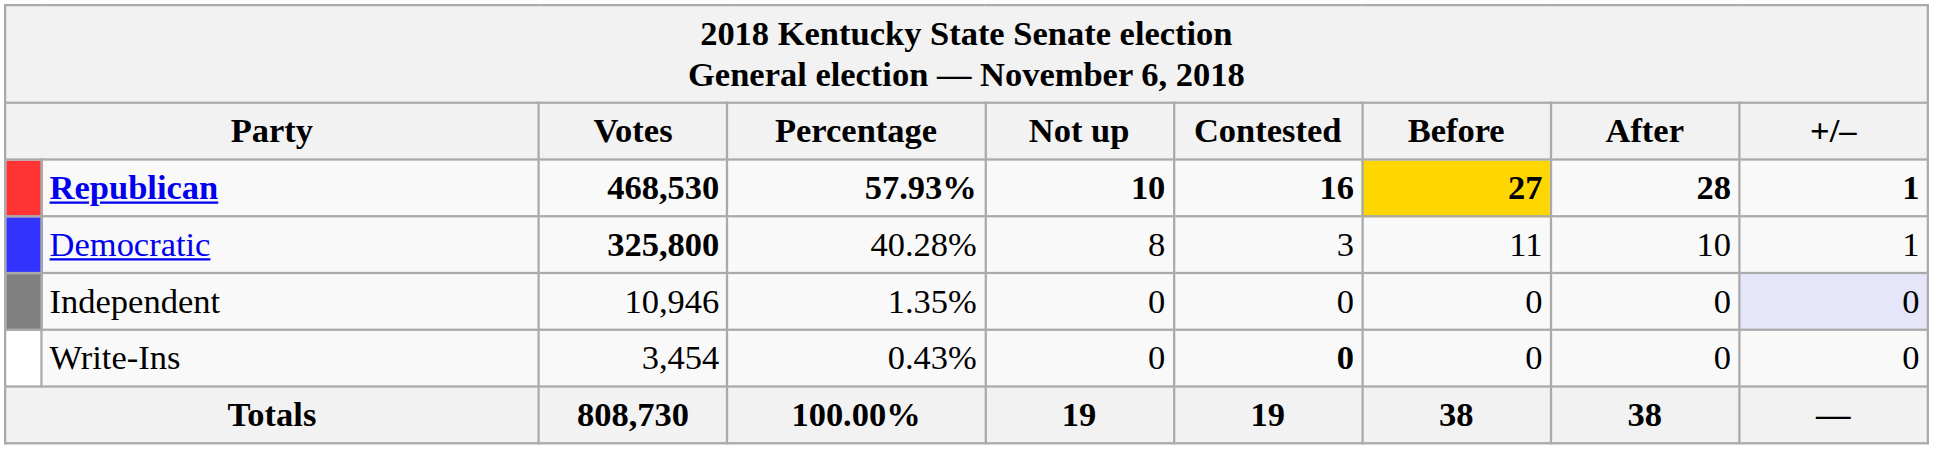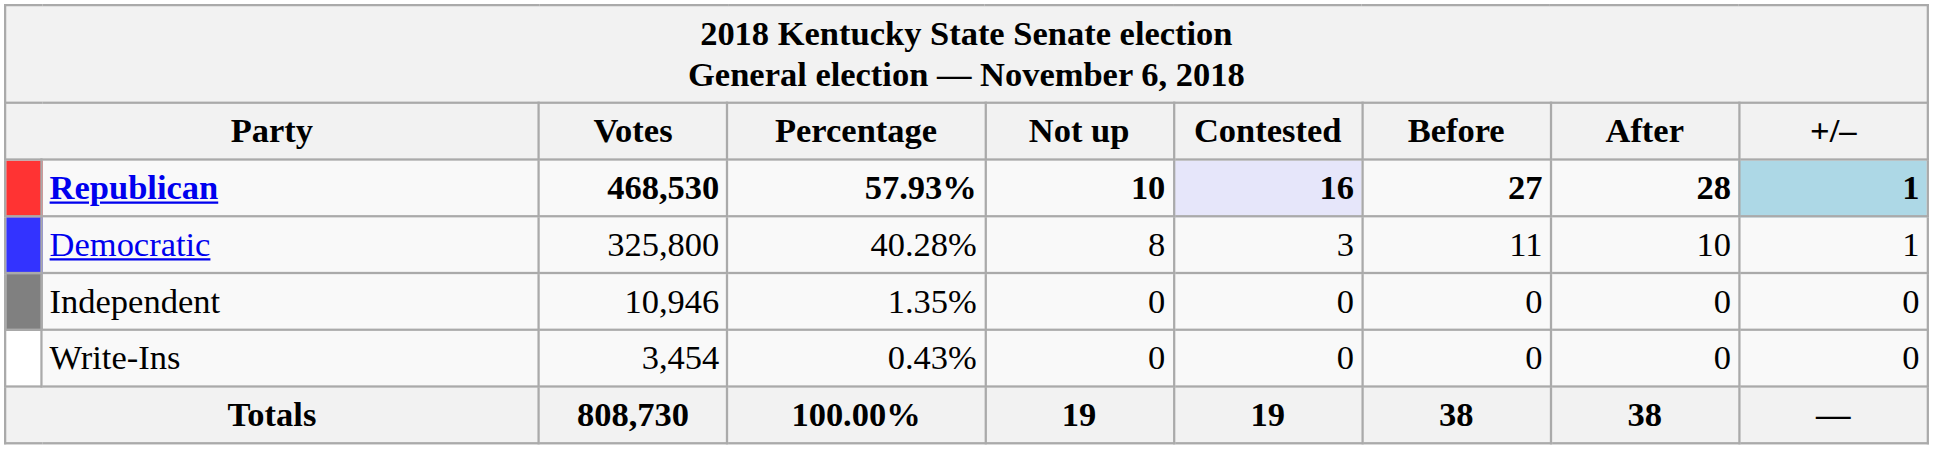 <table class="wikitable" style="font-size:95%;">
 <tr>
 <th colspan="9">2018 Kentucky State Senate election<br>General election — November 6, 2018</th>
 </tr>
 <tr>
 <th colspan=2 style="width: 15em">Party</th>
 <th style="width: 5em">Votes</th>
 <th style="width: 7em">Percentage</th>
 <th style="width: 5em">Not up</th>
 <th style="width: 5em">Contested</th>
 <th style="width: 5em">Before</th>
 <th style="width: 5em">After</th>
 <th style="width: 5em">+/–</th>
 </tr>
 <tr>
 <th style="background-color:#FF3333; width: 3px"></th>
 <td style="width: 130px"><strong><a href='#'>Republican</a></strong></td>
 <td align="right"><strong>468,530</strong></td>
 <td align="right"><strong>57.93%</strong></td>
 <td align="right"><strong>10</strong></td>
-<td align="right"><strong>16</strong></td>
-<td align="right" style="background: gold;"><strong>27</strong></td>
+<td align="right" style="background: lavender;"><strong>16</strong></td>
+<td align="right"><strong>27</strong></td>
 <td align="right"><strong>28</strong></td>
-<td align="right"><strong> 1</strong></td>
+<td align="right" style="background: lightblue;"><strong> 1</strong></td>
 </tr>
 <tr>
 <th style="background-color:#3333FF; width: 3px"></th>
 <td style="width: 130px"><a href='#'>Democratic</a></td>
-<td align="right"><strong>325,800</strong></td>
+<td align="right">325,800</td>
 <td align="right">40.28%</td>
 <td align="right">8</td>
 <td align="right">3</td>
 <td align="right">11</td>
 <td align="right">10</td>
 <td align="right"> 1</td>
 </tr>
 <tr>
 <th style="background-color:gray; width: 3px"></th>
 <td style="width: 130px">Independent</td>
 <td align="right">10,946</td>
 <td align="right">1.35%</td>
 <td align="right">0</td>
 <td align="right">0</td>
 <td align="right">0</td>
 <td align="right">0</td>
-<td align="right" style="background: lavender;">0</td>
+<td align="right">0</td>
 </tr>
 <tr>
 <th style="background-color:white; width: 3px"></th>
 <td style="width: 130px">Write-Ins</td>
 <td align="right">3,454</td>
 <td align="right">0.43%</td>
 <td align="right">0</td>
-<td align="right"><strong>0</strong></td>
+<td align="right">0</td>
 <td align="right">0</td>
 <td align="right">0</td>
 <td align="right">0</td>
 </tr>
 <tr bgcolor="#EEEEEE">
 <th colspan="2" align="right">Totals</th>
 <th align="right">808,730</th>
 <th align="right">100.00%</th>
 <th align="right">19</th>
 <th align="right">19</th>
 <th align="right">38</th>
 <th align="right">38</th>
 <th align="right">—</th>
 </tr>
 </table>
